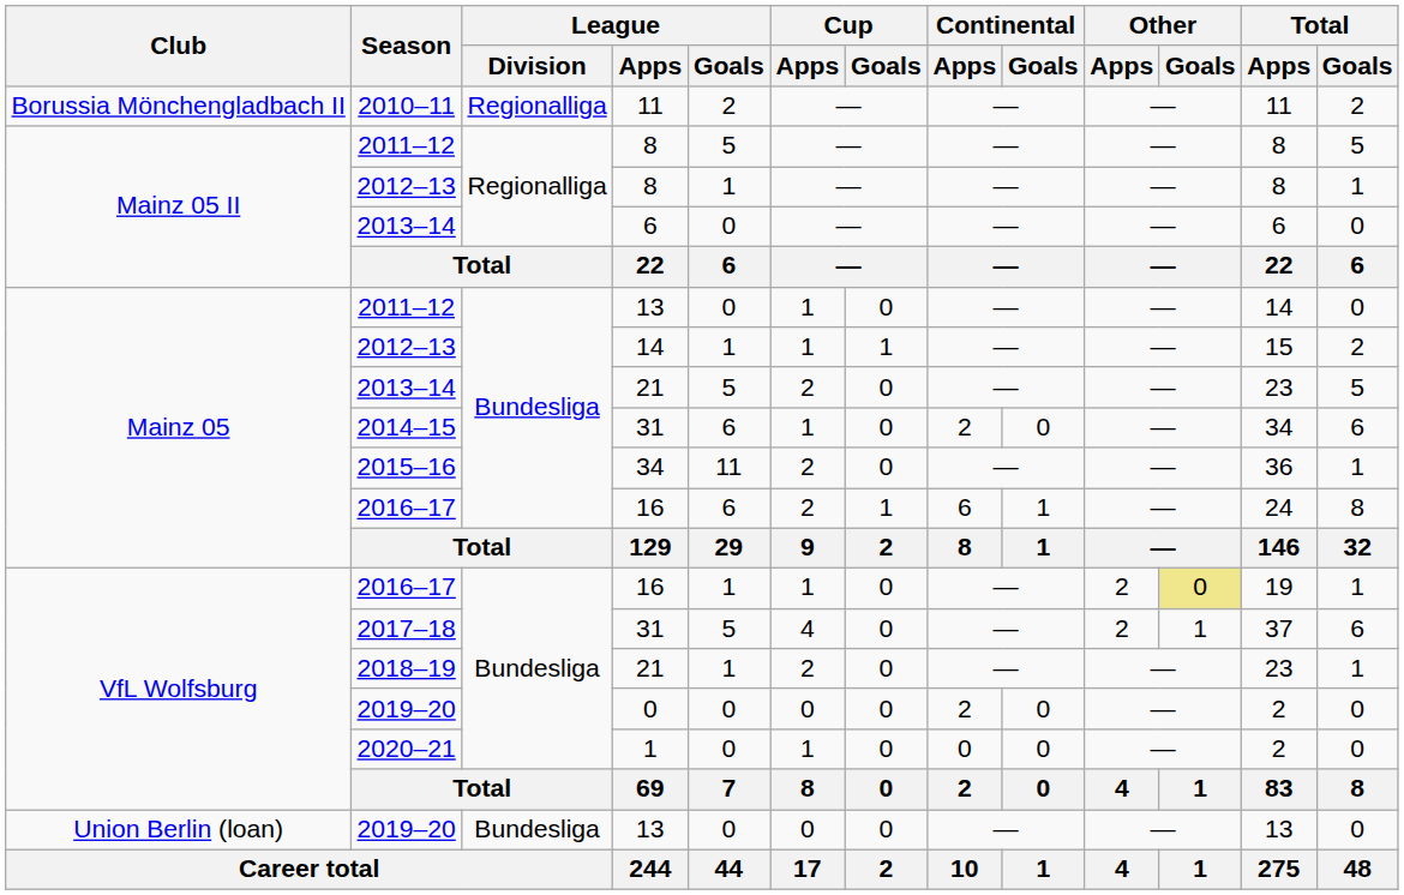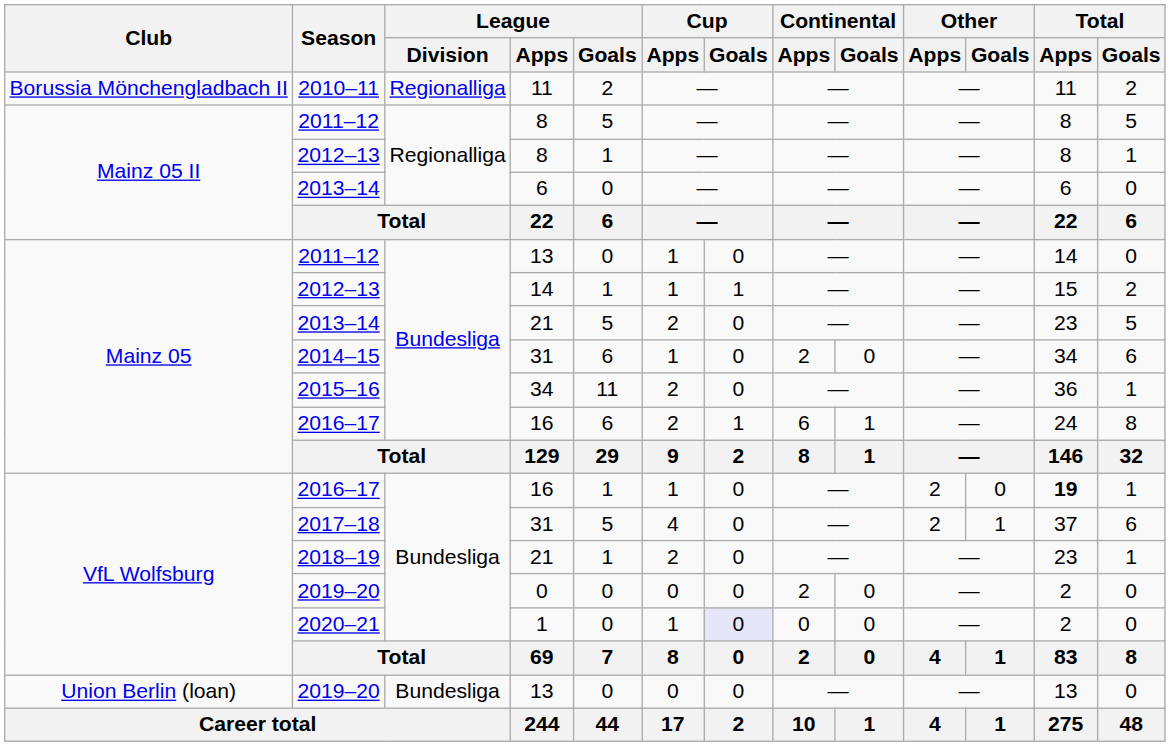 <table class="wikitable" style="text-align:center">
 <tr>
 <th rowspan="2">Club</th>
 <th rowspan="2">Season</th>
 <th colspan="3">League</th>
 <th colspan="2">Cup</th>
 <th colspan="2">Continental</th>
 <th colspan="2">Other</th>
 <th colspan="2">Total</th>
 </tr>
 <tr>
 <th>Division</th>
 <th>Apps</th>
 <th>Goals</th>
 <th>Apps</th>
 <th>Goals</th>
 <th>Apps</th>
 <th>Goals</th>
 <th>Apps</th>
 <th>Goals</th>
 <th>Apps</th>
 <th>Goals</th>
 </tr>
 <tr>
 <td><a href='#'>Borussia Mönchengladbach II</a></td>
 <td><a href='#'>2010–11</a></td>
 <td><a href='#'>Regionalliga</a></td>
 <td>11</td>
 <td>2</td>
 <td colspan="2">—</td>
 <td colspan="2">—</td>
 <td colspan="2">—</td>
 <td>11</td>
 <td>2</td>
 </tr>
 <tr>
 <td rowspan="4"><a href='#'>Mainz 05 II</a></td>
 <td><a href='#'>2011–12</a></td>
 <td rowspan="3">Regionalliga</td>
 <td>8</td>
 <td>5</td>
 <td colspan="2">—</td>
 <td colspan="2">—</td>
 <td colspan="2">—</td>
 <td>8</td>
 <td>5</td>
 </tr>
 <tr>
 <td><a href='#'>2012–13</a></td>
 <td>8</td>
 <td>1</td>
 <td colspan="2">—</td>
 <td colspan="2">—</td>
 <td colspan="2">—</td>
 <td>8</td>
 <td>1</td>
 </tr>
 <tr>
 <td><a href='#'>2013–14</a></td>
 <td>6</td>
 <td>0</td>
 <td colspan="2">—</td>
 <td colspan="2">—</td>
 <td colspan="2">—</td>
 <td>6</td>
 <td>0</td>
 </tr>
 <tr>
 <th colspan="2">Total</th>
 <th>22</th>
 <th>6</th>
 <th colspan="2">—</th>
 <th colspan="2">—</th>
 <th colspan="2">—</th>
 <th>22</th>
 <th>6</th>
 </tr>
 <tr>
 <td rowspan="7"><a href='#'>Mainz 05</a></td>
 <td><a href='#'>2011–12</a></td>
 <td rowspan=6><a href='#'>Bundesliga</a></td>
 <td>13</td>
 <td>0</td>
 <td>1</td>
 <td>0</td>
 <td colspan="2">—</td>
 <td colspan="2">—</td>
 <td>14</td>
 <td>0</td>
 </tr>
 <tr>
 <td><a href='#'>2012–13</a></td>
 <td>14</td>
 <td>1</td>
 <td>1</td>
 <td>1</td>
 <td colspan="2">—</td>
 <td colspan="2">—</td>
 <td>15</td>
 <td>2</td>
 </tr>
 <tr>
 <td><a href='#'>2013–14</a></td>
 <td>21</td>
 <td>5</td>
 <td>2</td>
 <td>0</td>
 <td colspan="2">—</td>
 <td colspan="2">—</td>
 <td>23</td>
 <td>5</td>
 </tr>
 <tr>
 <td><a href='#'>2014–15</a></td>
 <td>31</td>
 <td>6</td>
 <td>1</td>
 <td>0</td>
 <td>2</td>
 <td>0</td>
 <td colspan="2">—</td>
 <td>34</td>
 <td>6</td>
 </tr>
 <tr>
 <td><a href='#'>2015–16</a></td>
 <td>34</td>
 <td>11</td>
 <td>2</td>
 <td>0</td>
 <td colspan="2">—</td>
 <td colspan="2">—</td>
 <td>36</td>
 <td>1</td>
 </tr>
 <tr>
 <td><a href='#'>2016–17</a></td>
 <td>16</td>
 <td>6</td>
 <td>2</td>
 <td>1</td>
 <td>6</td>
 <td>1</td>
 <td colspan="2">—</td>
 <td>24</td>
 <td>8</td>
 </tr>
 <tr>
 <th colspan="2">Total</th>
 <th>129</th>
 <th>29</th>
 <th>9</th>
 <th>2</th>
 <th>8</th>
 <th>1</th>
 <th colspan="2">—</th>
 <th>146</th>
 <th>32</th>
 </tr>
 <tr>
 <td rowspan="6"><a href='#'>VfL Wolfsburg</a></td>
 <td><a href='#'>2016–17</a></td>
 <td rowspan="5">Bundesliga</td>
 <td>16</td>
 <td>1</td>
 <td>1</td>
 <td>0</td>
 <td colspan="2">—</td>
 <td>2</td>
-<td style="background: khaki;">0</td>
-<td>19</td>
+<td>0</td>
+<td><strong>19</strong></td>
 <td>1</td>
 </tr>
 <tr>
 <td><a href='#'>2017–18</a></td>
 <td>31</td>
 <td>5</td>
 <td>4</td>
 <td>0</td>
 <td colspan="2">—</td>
 <td>2</td>
 <td>1</td>
 <td>37</td>
 <td>6</td>
 </tr>
 <tr>
 <td><a href='#'>2018–19</a></td>
 <td>21</td>
 <td>1</td>
 <td>2</td>
 <td>0</td>
 <td colspan="2">—</td>
 <td colspan="2">—</td>
 <td>23</td>
 <td>1</td>
 </tr>
 <tr>
 <td><a href='#'>2019–20</a></td>
 <td>0</td>
 <td>0</td>
 <td>0</td>
 <td>0</td>
 <td>2</td>
 <td>0</td>
 <td colspan="2">—</td>
 <td>2</td>
 <td>0</td>
 </tr>
 <tr>
 <td><a href='#'>2020–21</a></td>
 <td>1</td>
 <td>0</td>
 <td>1</td>
-<td>0</td>
+<td style="background: lavender;">0</td>
 <td>0</td>
 <td>0</td>
 <td colspan="2">—</td>
 <td>2</td>
 <td>0</td>
 </tr>
 <tr>
 <th colspan="2">Total</th>
 <th>69</th>
 <th>7</th>
 <th>8</th>
 <th>0</th>
 <th>2</th>
 <th>0</th>
 <th>4</th>
 <th>1</th>
 <th>83</th>
 <th>8</th>
 </tr>
 <tr>
 <td><a href='#'>Union Berlin</a> (loan)</td>
 <td><a href='#'>2019–20</a></td>
 <td>Bundesliga</td>
 <td>13</td>
 <td>0</td>
 <td>0</td>
 <td>0</td>
 <td colspan="2">—</td>
 <td colspan="2">—</td>
 <td>13</td>
 <td>0</td>
 </tr>
 <tr>
 <th colspan="3">Career total</th>
 <th>244</th>
 <th>44</th>
 <th>17</th>
 <th>2</th>
 <th>10</th>
 <th>1</th>
 <th>4</th>
 <th>1</th>
 <th>275</th>
 <th>48</th>
 </tr>
 </table>
